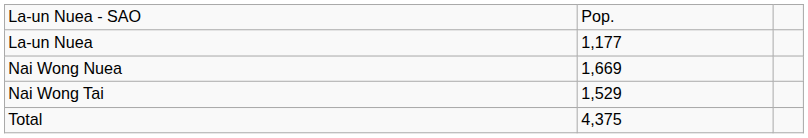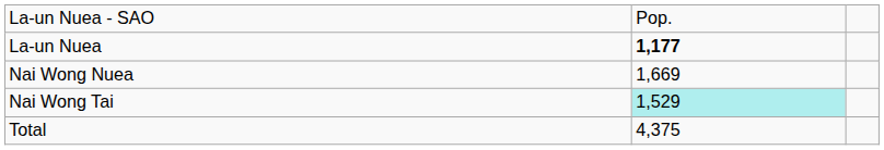 <table class="wikitable"" style="width:50%;">
 <tr>
 <td>La-un Nuea - SAO</td>
 <td>Pop.</td>
 <td></td>
 </tr>
 <tr>
 <td>La-un Nuea</td>
-<td>1,177</td>
+<td><strong>1,177</strong></td>
 <td></td>
 </tr>
 <tr>
 <td>Nai Wong Nuea</td>
 <td>1,669</td>
 </tr>
 <tr>
 <td>Nai Wong Tai</td>
-<td>1,529</td>
+<td style="background: paleturquoise;">1,529</td>
 <td></td>
 </tr>
 <tr>
 <td>Total</td>
 <td>4,375</td>
 <td></td>
 </tr>
 </table>
